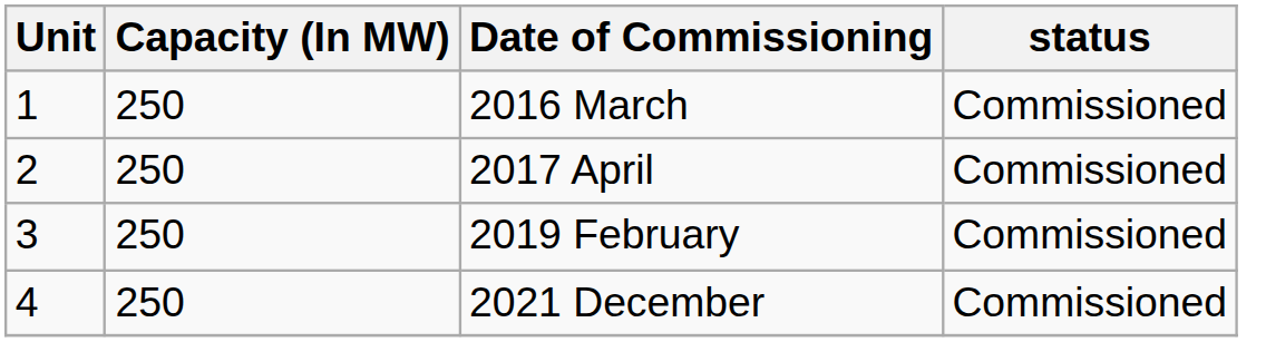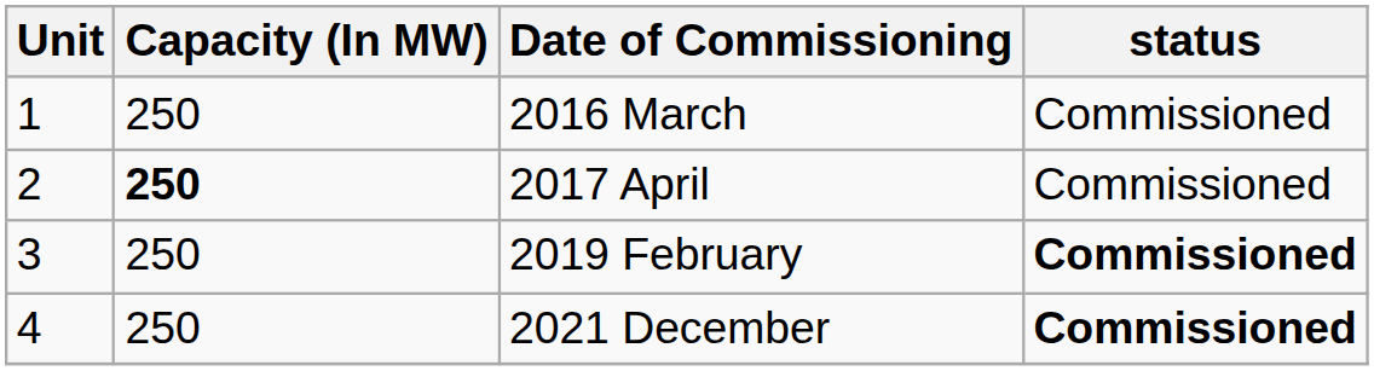 <table class="wikitable">
 <tr>
 <th>Unit</th>
 <th>Capacity (In MW)</th>
 <th>Date of Commissioning</th>
 <th>status</th>
 </tr>
 <tr>
 <td>1</td>
 <td>250</td>
 <td>2016 March</td>
 <td>Commissioned</td>
 </tr>
 <tr>
 <td>2</td>
-<td>250</td>
+<td><strong>250</strong></td>
 <td>2017 April</td>
 <td>Commissioned </td>
 </tr>
 <tr>
 <td>3</td>
 <td>250</td>
 <td>2019 February</td>
-<td>Commissioned</td>
+<td><strong>Commissioned</strong></td>
 </tr>
 <tr>
 <td>4</td>
 <td>250</td>
 <td>2021 December</td>
-<td>Commissioned</td>
+<td><strong>Commissioned</strong></td>
 </tr>
 <tr>
 </tr>
 </table>
